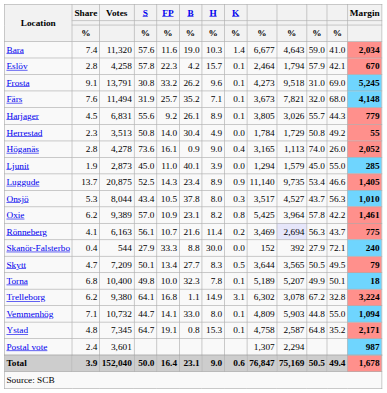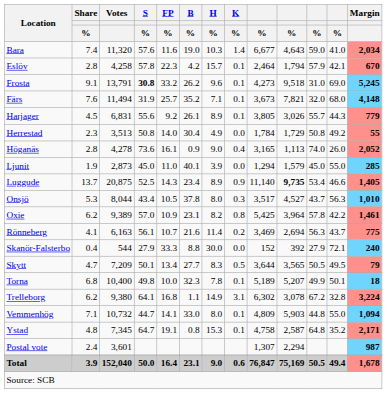 <table class="wikitable sortable" style="text-align:right; font-size:95%; line-height:20px;">
 <tr>
 <th rowspan="3">Location</th>
 <th>Share</th>
 <th>Votes</th>
 <th width="30px" class="unsortable"><a href='#'>S</a></th>
 <th width="30px" class="unsortable"><a href='#'>FP</a></th>
 <th width="30px" class="unsortable"><a href='#'>B</a></th>
 <th width="30px" class="unsortable"><a href='#'>H</a></th>
 <th width="30px" class="unsortable"><a href='#'>K</a></th>
 <th></th>
 <th></th>
 <th></th>
 <th></th>
 <th>Margin</th>
 </tr>
 <tr>
 <th></th>
 <th></th>
 <th style="background:"></th>
 <th style="background:"></th>
 <th style="background:"></th>
 <th style="background:"></th>
 <th style="background:"></th>
 <th style="background:"></th>
 <th style="background:"></th>
 <th style="background:"></th>
 <th style="background:"></th>
 <th></th>
 </tr>
 <tr>
 <th data-sort-type="number">%</th>
 <th></th>
 <th data-sort-type="number">%</th>
 <th data-sort-type="number">%</th>
 <th data-sort-type="number">%</th>
 <th data-sort-type="number">%</th>
 <th data-sort-type="number">%</th>
 <th data-sort-type="number">%</th>
 <th data-sort-type="number">%</th>
 <th data-sort-type="number">%</th>
 <th data-sort-type="number">%</th>
 <th data-sort-type="number"></th>
 </tr>
 <tr>
 <td align=left><a href='#'>Bara</a></td>
 <td>7.4</td>
 <td>11,320</td>
 <td>57.6</td>
 <td>11.6</td>
 <td>19.0</td>
 <td>10.3</td>
 <td>1.4</td>
 <td>6,677</td>
 <td>4,643</td>
 <td>59.0</td>
 <td>41.0</td>
 <td bgcolor=#ff908c><strong>2,034</strong></td>
 </tr>
 <tr>
 <td align=left><a href='#'>Eslöv</a></td>
 <td>2.8</td>
 <td>4,258</td>
 <td>57.8</td>
 <td>22.3</td>
 <td>4.2</td>
 <td>15.7</td>
 <td>0.1</td>
 <td>2,464</td>
 <td>1,794</td>
 <td>57.9</td>
 <td>42.1</td>
 <td bgcolor=#ff908c><strong>670</strong></td>
 </tr>
 <tr>
 <td align=left><a href='#'>Frosta</a></td>
 <td>9.1</td>
 <td>13,791</td>
-<td>30.8</td>
+<td><strong>30.8</strong></td>
 <td>33.2</td>
 <td>26.2</td>
 <td>9.6</td>
 <td>0.1</td>
 <td>4,273</td>
 <td>9,518</td>
 <td>31.0</td>
 <td>69.0</td>
 <td bgcolor=#6fd5fe><strong>5,245</strong></td>
 </tr>
 <tr>
 <td align=left><a href='#'>Färs</a></td>
 <td>7.6</td>
 <td>11,494</td>
 <td>31.9</td>
 <td>25.7</td>
 <td>35.2</td>
 <td>7.1</td>
 <td>0.1</td>
 <td>3,673</td>
 <td>7,821</td>
 <td>32.0</td>
 <td>68.0</td>
 <td bgcolor=#6fd5fe><strong>4,148</strong></td>
 </tr>
 <tr>
 <td align=left><a href='#'>Harjager</a></td>
 <td>4.5</td>
 <td>6,831</td>
 <td>55.6</td>
 <td>9.2</td>
 <td>26.1</td>
 <td>8.9</td>
 <td>0.1</td>
 <td>3,805</td>
 <td>3,026</td>
 <td>55.7</td>
 <td>44.3</td>
 <td bgcolor=#ff908c><strong>779</strong></td>
 </tr>
 <tr>
 <td align=left><a href='#'>Herrestad</a></td>
 <td>2.3</td>
 <td>3,513</td>
 <td>50.8</td>
 <td>14.0</td>
 <td>30.4</td>
 <td>4.9</td>
 <td>0.0</td>
 <td>1,784</td>
 <td>1,729</td>
 <td>50.8</td>
 <td>49.2</td>
 <td bgcolor=#ff908c><strong>55</strong></td>
 </tr>
 <tr>
 <td align=left><a href='#'>Höganäs</a></td>
 <td>2.8</td>
 <td>4,278</td>
 <td>73.6</td>
 <td>16.1</td>
 <td>0.9</td>
 <td>9.0</td>
 <td>0.4</td>
 <td>3,165</td>
 <td>1,113</td>
 <td>74.0</td>
 <td>26.0</td>
 <td bgcolor=#ff908c><strong>2,052</strong></td>
 </tr>
 <tr>
 <td align=left><a href='#'>Ljunit</a></td>
 <td>1.9</td>
 <td>2,873</td>
 <td>45.0</td>
 <td>11.0</td>
 <td>40.1</td>
 <td>3.9</td>
 <td>0.0</td>
 <td>1,294</td>
 <td>1,579</td>
 <td>45.0</td>
 <td>55.0</td>
 <td bgcolor=#6fd5fe><strong>285</strong></td>
 </tr>
 <tr>
 <td align=left><a href='#'>Luggude</a></td>
 <td>13.7</td>
 <td>20,875</td>
 <td>52.5</td>
 <td>14.3</td>
 <td>23.4</td>
 <td>8.9</td>
 <td>0.9</td>
 <td>11,140</td>
-<td>9,735</td>
+<td><strong>9,735</strong></td>
 <td>53.4</td>
 <td>46.6</td>
 <td bgcolor=#ff908c><strong>1,405</strong></td>
 </tr>
 <tr>
 <td align=left><a href='#'>Onsjö</a></td>
 <td>5.3</td>
 <td>8,044</td>
 <td>43.4</td>
 <td>10.5</td>
 <td>37.8</td>
 <td>8.0</td>
 <td>0.3</td>
 <td>3,517</td>
 <td>4,527</td>
 <td>43.7</td>
 <td>56.3</td>
 <td bgcolor=#6fd5fe><strong>1,010</strong></td>
 </tr>
 <tr>
 <td align=left><a href='#'>Oxie</a></td>
 <td>6.2</td>
 <td>9,389</td>
 <td>57.0</td>
 <td>10.9</td>
 <td>23.1</td>
 <td>8.2</td>
 <td>0.8</td>
 <td>5,425</td>
 <td>3,964</td>
 <td>57.8</td>
 <td>42.2</td>
 <td bgcolor=#ff908c><strong>1,461</strong></td>
 </tr>
 <tr>
 <td align=left><a href='#'>Rönneberg</a></td>
 <td>4.1</td>
 <td>6,163</td>
 <td>56.1</td>
 <td>10.7</td>
 <td>21.6</td>
 <td>11.4</td>
 <td>0.2</td>
 <td>3,469</td>
-<td style="background: lavender;">2,694</td>
+<td>2,694</td>
 <td>56.3</td>
 <td>43.7</td>
 <td bgcolor=#ff908c><strong>775</strong></td>
 </tr>
 <tr>
 <td align=left><a href='#'>Skanör-Falsterbo</a></td>
 <td>0.4</td>
 <td>544</td>
 <td>27.9</td>
 <td>33.3</td>
 <td>8.8</td>
 <td>30.0</td>
 <td>0.0</td>
 <td>152</td>
 <td>392</td>
 <td>27.9</td>
 <td>72.1</td>
 <td bgcolor=#6fd5fe><strong>240</strong></td>
 </tr>
 <tr>
 <td align=left><a href='#'>Skytt</a></td>
 <td>4.7</td>
 <td>7,209</td>
 <td>50.1</td>
 <td>13.4</td>
 <td>27.7</td>
 <td>8.3</td>
 <td>0.5</td>
 <td>3,644</td>
 <td>3,565</td>
 <td>50.5</td>
 <td>49.5</td>
 <td bgcolor=#ff908c><strong>79</strong></td>
 </tr>
 <tr>
 <td align=left><a href='#'>Torna</a></td>
 <td>6.8</td>
 <td>10,400</td>
 <td>49.8</td>
 <td>10.0</td>
 <td>32.3</td>
 <td>7.8</td>
 <td>0.1</td>
 <td>5,189</td>
 <td>5,207</td>
 <td>49.9</td>
 <td>50.1</td>
 <td bgcolor=#6fd5fe><strong>18</strong></td>
 </tr>
 <tr>
 <td align=left><a href='#'>Trelleborg</a></td>
 <td>6.2</td>
 <td>9,380</td>
 <td>64.1</td>
 <td>16.8</td>
 <td>1.1</td>
 <td>14.9</td>
 <td>3.1</td>
 <td>6,302</td>
 <td>3,078</td>
 <td>67.2</td>
 <td>32.8</td>
 <td bgcolor=#ff908c><strong>3,224</strong></td>
 </tr>
 <tr>
 <td align=left><a href='#'>Vemmenhög</a></td>
 <td>7.1</td>
 <td>10,732</td>
 <td>44.7</td>
 <td>14.1</td>
 <td>33.0</td>
 <td>8.0</td>
 <td>0.1</td>
 <td>4,809</td>
 <td>5,903</td>
 <td>44.8</td>
 <td>55.0</td>
 <td bgcolor=#6fd5fe><strong>1,094</strong></td>
 </tr>
 <tr>
 <td align=left><a href='#'>Ystad</a></td>
 <td>4.8</td>
 <td>7,345</td>
 <td>64.7</td>
 <td>19.1</td>
 <td>0.8</td>
 <td>15.3</td>
 <td>0.1</td>
 <td>4,758</td>
 <td>2,587</td>
 <td>64.8</td>
 <td>35.2</td>
 <td bgcolor=#ff908c><strong>2,171</strong></td>
 </tr>
 <tr>
 <td align=left><a href='#'>Postal vote</a></td>
 <td>2.4</td>
 <td>3,601</td>
 <td></td>
 <td></td>
 <td></td>
 <td></td>
 <td></td>
 <td>1,307</td>
 <td>2,294</td>
 <td></td>
 <td></td>
 <td bgcolor=#6fd5fe><strong>987</strong></td>
 </tr>
 <tr>
 </tr>
 <tr style="background:#CDCDCD;">
 <td align=left><strong>Total</strong></td>
 <td><strong>3.9</strong></td>
 <td><strong>152,040</strong></td>
 <td><strong>50.0</strong></td>
 <td><strong>16.4</strong></td>
 <td><strong>23.1</strong></td>
 <td><strong>9.0</strong></td>
 <td><strong>0.6</strong></td>
 <td><strong>76,847</strong></td>
 <td><strong>75,169</strong></td>
 <td><strong>50.5</strong></td>
 <td><strong>49.4</strong></td>
 <td bgcolor=#ff908c><strong>1,678</strong></td>
 </tr>
 <tr>
 <td align=left colspan=13>Source: SCB </td>
 </tr>
 </table>
